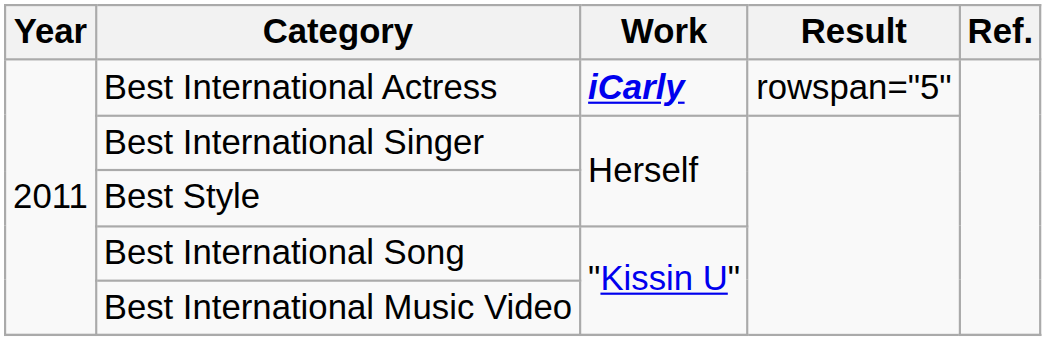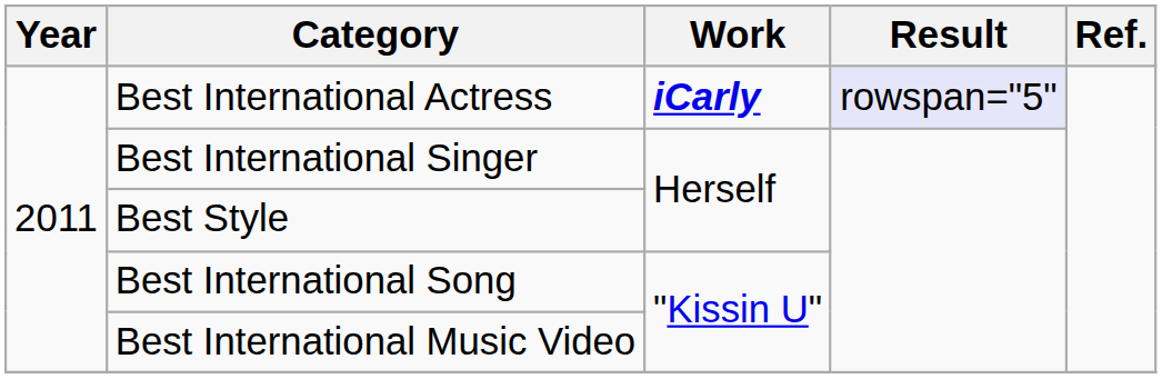 <table class="wikitable">
 <tr>
 <th>Year</th>
 <th>Category</th>
 <th>Work</th>
 <th>Result</th>
 <th>Ref.</th>
 </tr>
 <tr>
 <td rowspan="5">2011</td>
 <td>Best International Actress</td>
 <td><strong><em><a href='#'>iCarly</a></em></strong></td>
-<td>rowspan="5" </td>
+<td style="background: lavender;">rowspan="5" </td>
 <td rowspan="5"></td>
 </tr>
 <tr>
 <td>Best International Singer</td>
 <td rowspan="2">Herself</td>
 </tr>
 <tr>
 <td>Best Style</td>
 </tr>
 <tr>
 <td>Best International Song</td>
 <td rowspan="2">"<a href='#'>Kissin U</a>"</td>
 </tr>
 <tr>
 <td>Best International Music Video</td>
 </tr>
 <tr>
 </tr>
 </table>
